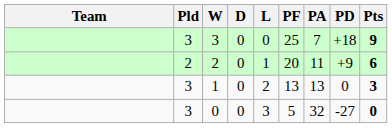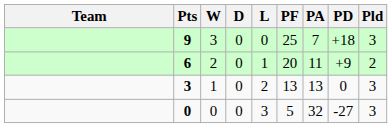 <table class="wikitable" style="text-align:center;">
 <tr>
 <th width=175>Team</th>
-<th width=20 abbr="Played">Pld</th>
+<th width=20 abbr="Points">Pts</th>
 <th width=20 abbr="Won">W</th>
 <th width=20 abbr="Drawn">D</th>
 <th width=20 abbr="Lost">L</th>
 <th width=20 abbr="Points for">PF</th>
 <th width=20 abbr="Points against">PA</th>
 <th width=25 abbr="Points difference">PD</th>
-<th width=20 abbr="Points">Pts</th>
+<th width=20 abbr="Played">Pld</th>
 </tr>
 <tr style="background:#ccffcc">
 <td align=left></td>
-<td>3</td>
+<td><strong>9</strong></td>
 <td>3</td>
 <td>0</td>
 <td>0</td>
 <td>25</td>
 <td>7</td>
 <td>+18</td>
-<td><strong>9</strong></td>
+<td>3</td>
 </tr>
 <tr style="background:#ccffcc">
 <td align=left></td>
-<td>2</td>
+<td><strong>6</strong></td>
 <td>2</td>
 <td>0</td>
 <td>1</td>
 <td>20</td>
 <td>11</td>
 <td>+9</td>
-<td><strong>6</strong></td>
+<td>2</td>
 </tr>
 <tr>
 <td align=left></td>
-<td>3</td>
+<td><strong>3</strong></td>
 <td>1</td>
 <td>0</td>
 <td>2</td>
 <td>13</td>
 <td>13</td>
 <td>0</td>
-<td><strong>3</strong></td>
+<td>3</td>
 </tr>
 <tr>
 <td align=left></td>
-<td>3</td>
+<td><strong>0</strong></td>
 <td>0</td>
 <td>0</td>
 <td>3</td>
 <td>5</td>
 <td>32</td>
 <td>-27</td>
-<td><strong>0</strong></td>
+<td>3</td>
 </tr>
 </table>
